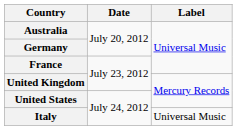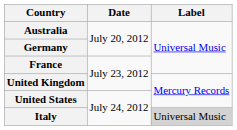 <table class="wikitable plainrowheaders">
 <tr>
 <th scope="col">Country</th>
 <th scope="col">Date</th>
 <th scope="col">Label</th>
 </tr>
 <tr>
 <th scope="row">Australia</th>
 <td rowspan="2">July 20, 2012</td>
 <td rowspan="3"><a href='#'>Universal Music</a></td>
 </tr>
 <tr>
 <th scope="row">Germany</th>
 </tr>
 <tr>
 <th scope="row">France</th>
 <td rowspan="2">July 23, 2012</td>
 </tr>
 <tr>
 <th scope="row">United Kingdom</th>
 <td rowspan="2"><a href='#'>Mercury Records</a></td>
 </tr>
 <tr>
 <th scope="row">United States</th>
 <td rowspan="2">July 24, 2012</td>
 </tr>
 <tr>
 <th scope="row">Italy</th>
-<td>Universal Music</td>
+<td style="background: lightgrey;">Universal Music</td>
 </tr>
 </table>
